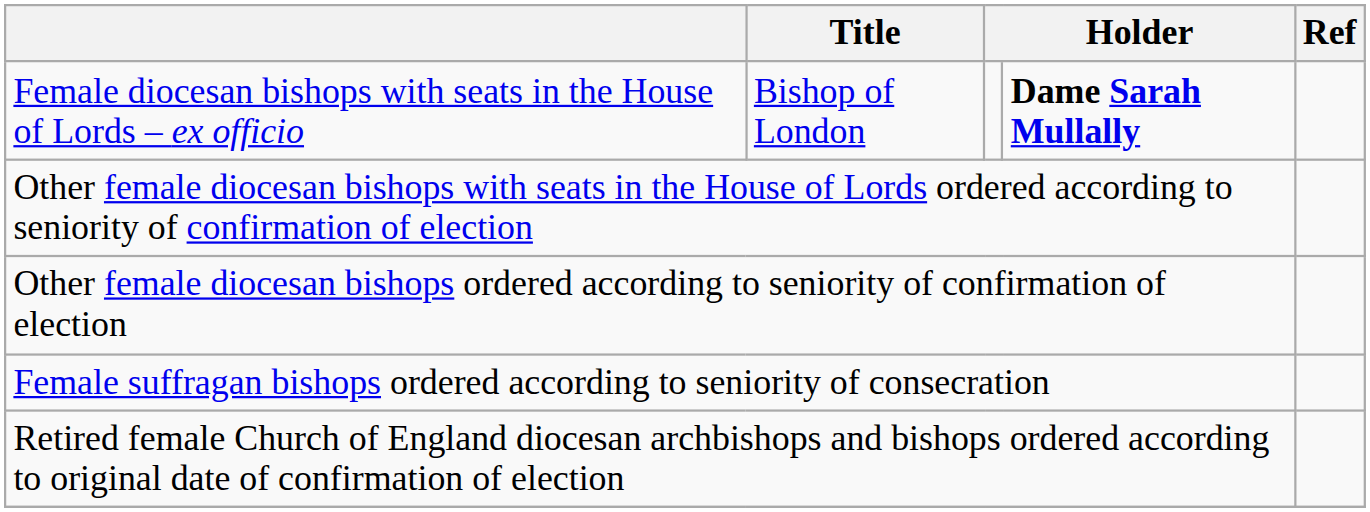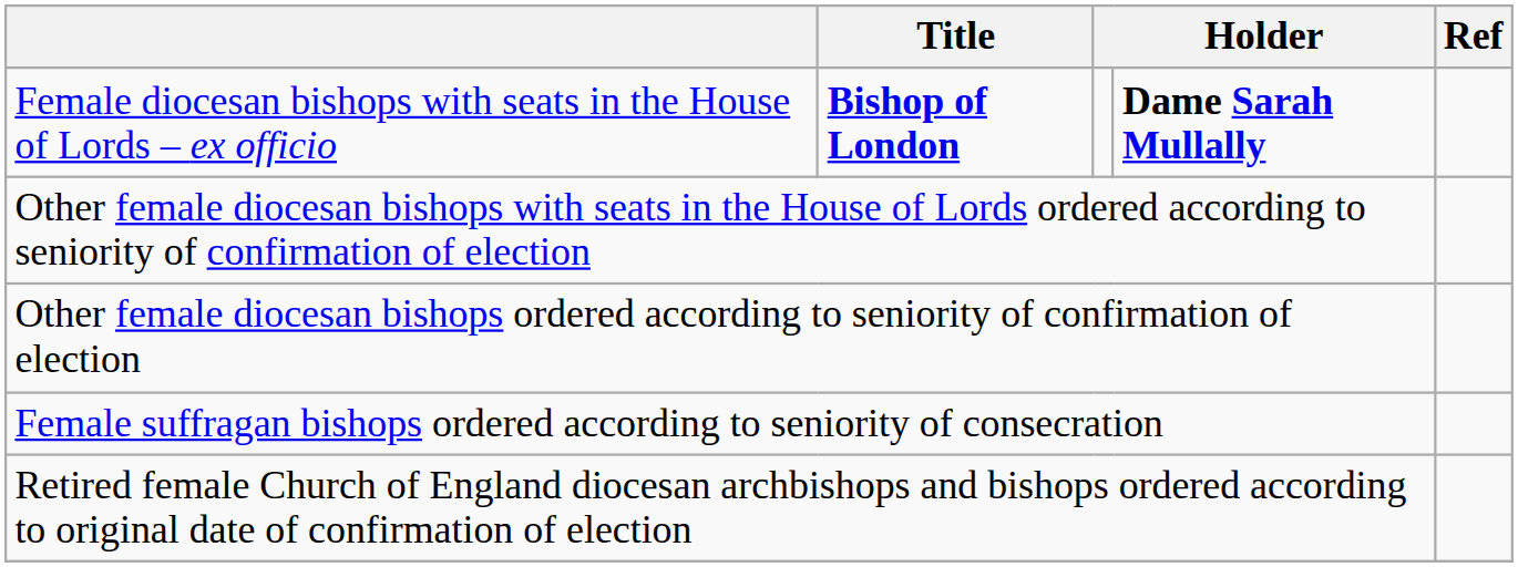 <table class="wikitable">
 <tr>
 <th></th>
 <th>Title</th>
 <th colspan=2>Holder</th>
 <th>Ref</th>
 </tr>
 <tr>
 <td><a href='#'>Female diocesan bishops with seats in the House of Lords – <em>ex officio</em></a></td>
-<td><a href='#'>Bishop of London</a></td>
+<td><strong><a href='#'>Bishop of London</a></strong></td>
 <td style="background: "></td>
 <td><strong>Dame <a href='#'>Sarah Mullally</a></strong></td>
 <td></td>
 </tr>
 <tr>
 <td colspan=4>Other <a href='#'>female diocesan bishops with seats in the House of Lords</a> ordered according to seniority of <a href='#'>confirmation of election</a></td>
 <td></td>
 </tr>
 <tr>
 <td colspan=4>Other <a href='#'>female diocesan bishops</a> ordered according to seniority of confirmation of election</td>
 <td></td>
 </tr>
 <tr>
 <td colspan=4><a href='#'>Female suffragan bishops</a> ordered according to seniority of consecration</td>
 <td></td>
 </tr>
 <tr>
 <td colspan=4>Retired female Church of England diocesan archbishops and bishops ordered according to original date of confirmation of election</td>
 <td></td>
 </tr>
 <tr>
 </tr>
 </table>
